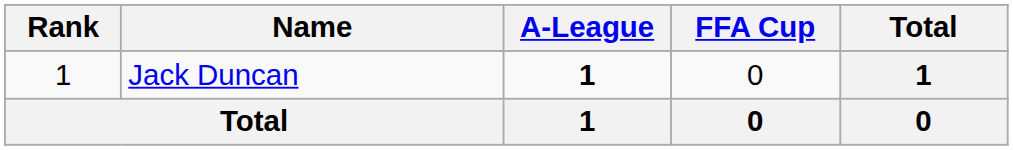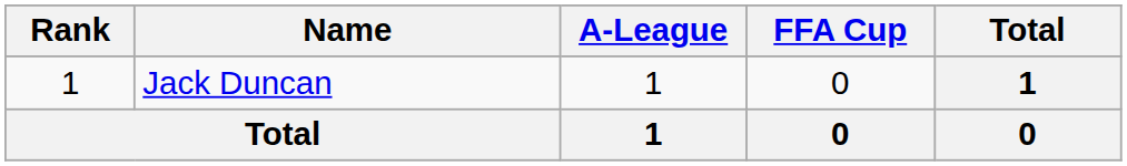 <table class="wikitable" style="text-align: center;">
 <tr>
 <th style="width:56px;">Rank</th>
 <th style="width:200px;">Name</th>
 <th style="width:84px;"><a href='#'>A-League</a></th>
 <th style="width:84px;"><a href='#'>FFA Cup</a></th>
 <th style="width:84px;">Total</th>
 </tr>
 <tr>
 <td>1</td>
 <td align="left"> <a href='#'>Jack Duncan</a></td>
-<td><strong>1</strong></td>
+<td>1</td>
 <td>0</td>
 <th>1</th>
 </tr>
 <tr>
 <th colspan="2">Total</th>
 <th>1</th>
 <th>0</th>
 <th>0</th>
 </tr>
 </table>
